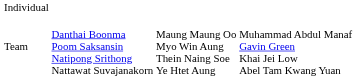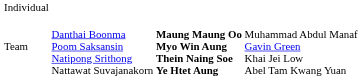 <table>
 <tr>
 <td>Individual<br></td>
 <td></td>
 <td></td>
 <td></td>
 </tr>
 <tr>
 <td>Team<br></td>
 <td><br><a href='#'>Danthai Boonma</a><br><a href='#'>Poom Saksansin</a><br><a href='#'>Natipong Srithong</a><br>Nattawat Suvajanakorn</td>
-<td><br>Maung Maung Oo<br>Myo Win Aung<br>Thein Naing Soe<br>Ye Htet Aung</td>
+<td><strong><br>Maung Maung Oo<br>Myo Win Aung<br>Thein Naing Soe<br>Ye Htet Aung</strong></td>
 <td><br>Muhammad Abdul Manaf<br><a href='#'>Gavin Green</a><br>Khai Jei Low<br>Abel Tam Kwang Yuan</td>
 </tr>
 </table>
